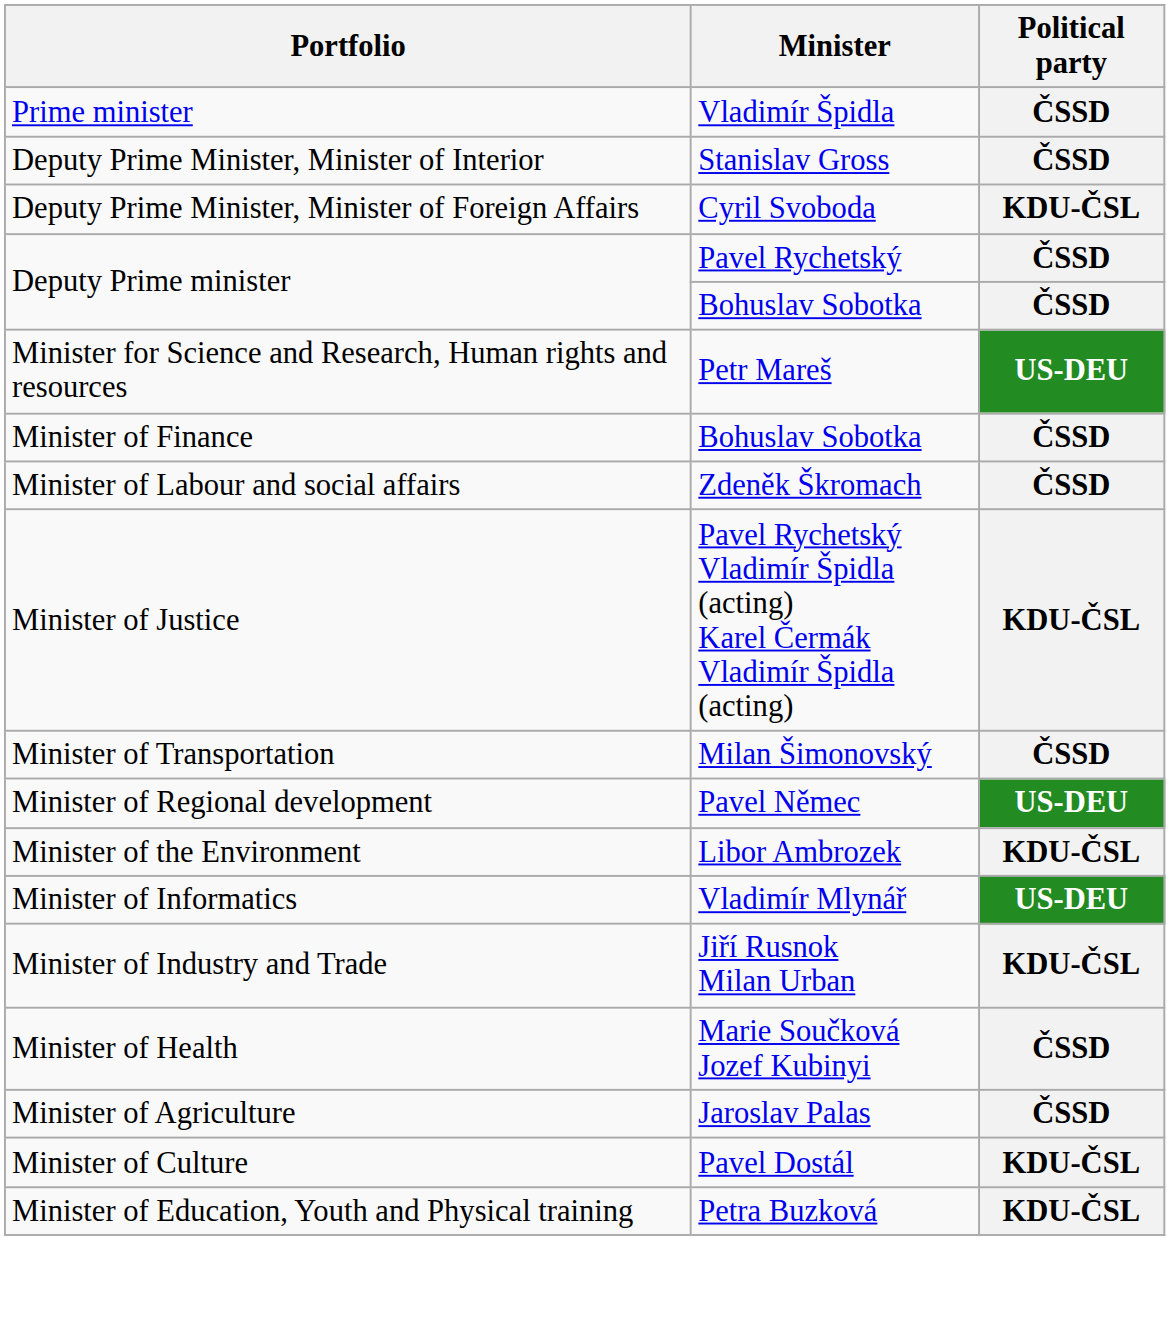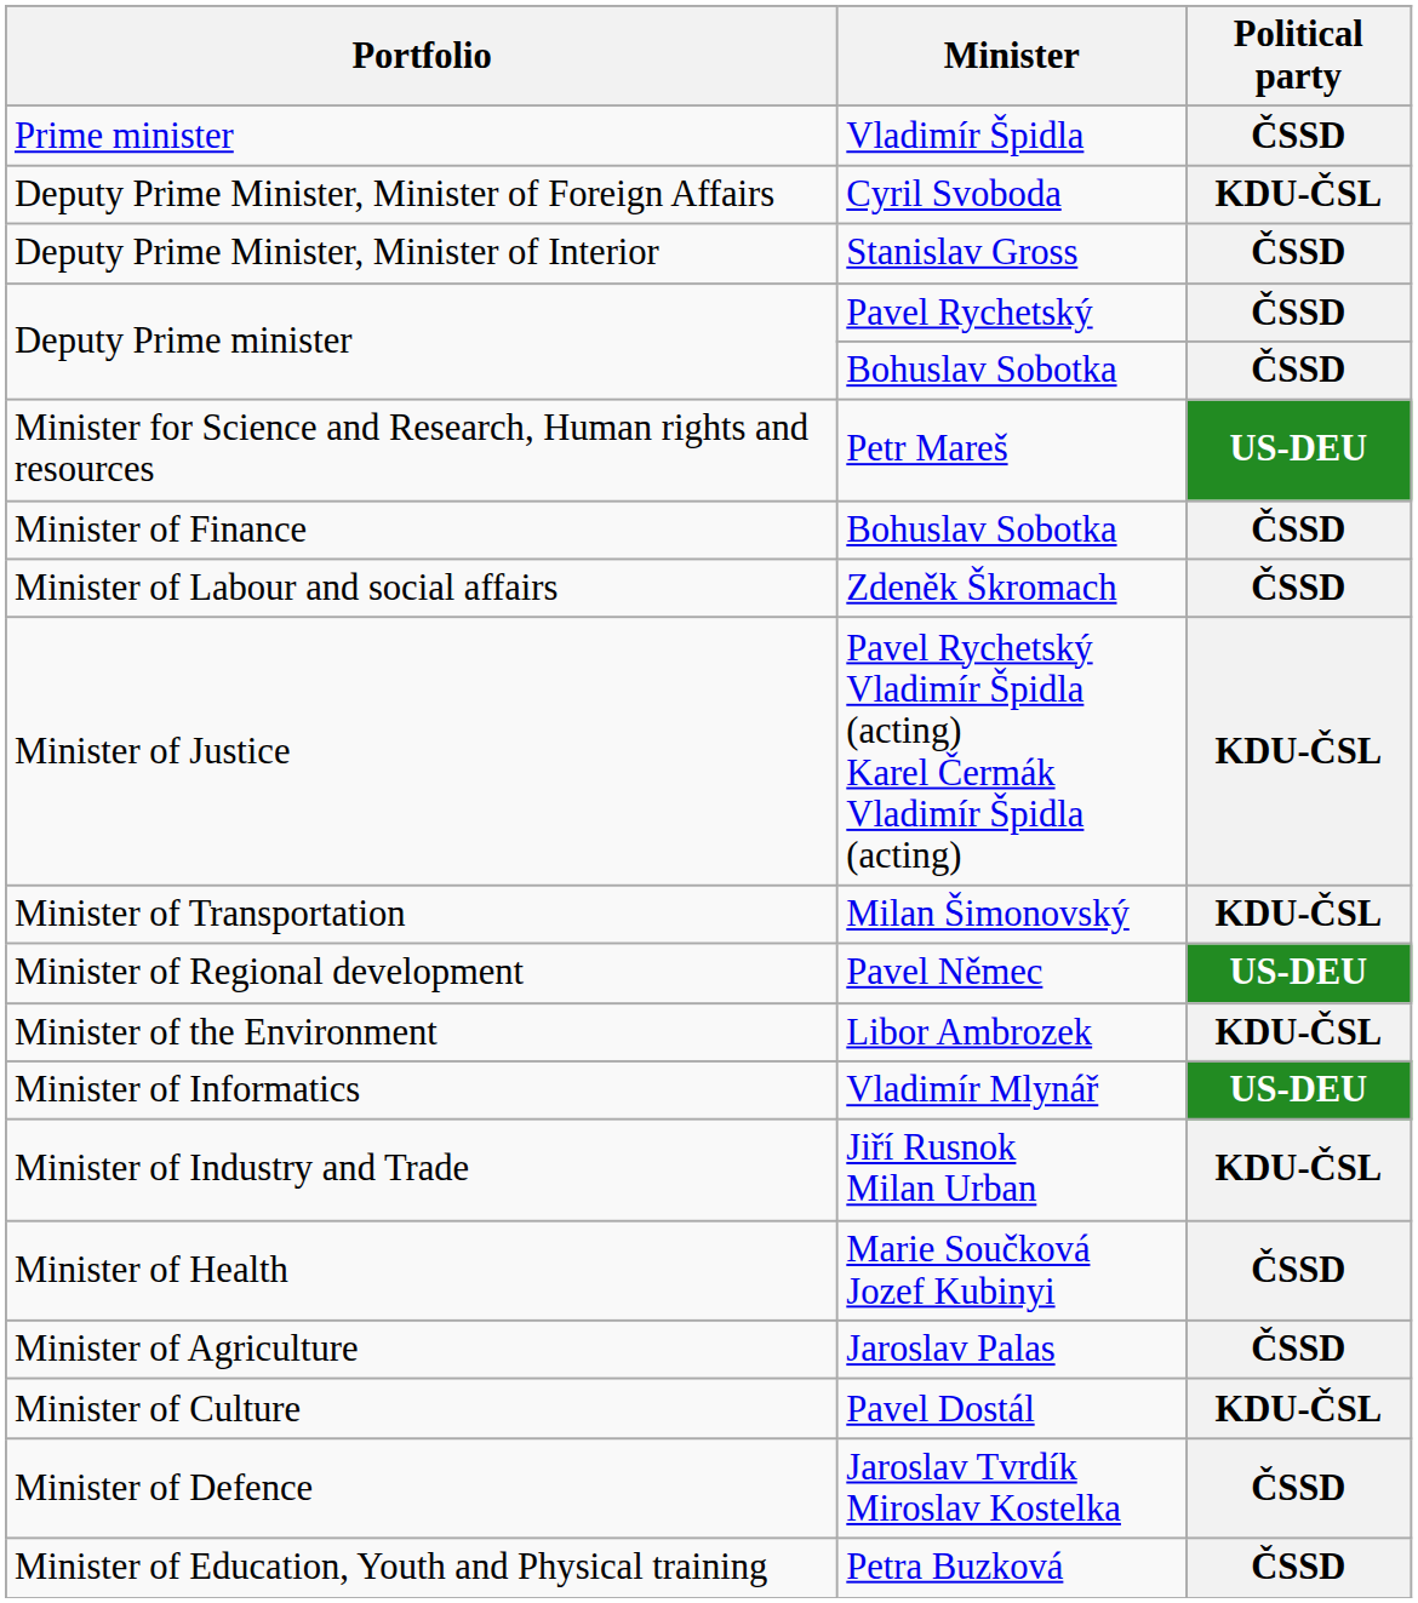 <table class="wikitable">
 <tr>
 <th>Portfolio</th>
 <th>Minister</th>
 <th>Political party</th>
 </tr>
 <tr>
 <td><a href='#'>Prime minister</a></td>
 <td><a href='#'>Vladimír Špidla</a></td>
 <th style="background-color:">ČSSD</th>
 </tr>
 <tr>
+<td>Deputy Prime Minister, Minister of Foreign Affairs</td>
+<td><a href='#'>Cyril Svoboda</a></td>
+<th style="background-color:">KDU-ČSL</th>
+</tr>
+<tr>
 <td>Deputy Prime Minister, Minister of Interior</td>
 <td><a href='#'>Stanislav Gross</a></td>
 <th style="background-color:">ČSSD</th>
-</tr>
-<tr>
-<td>Deputy Prime Minister, Minister of Foreign Affairs</td>
-<td><a href='#'>Cyril Svoboda</a></td>
-<th style="background-color:">KDU-ČSL</th>
 </tr>
 <tr>
 <td rowspan="2">Deputy Prime minister</td>
 <td><a href='#'>Pavel Rychetský</a></td>
 <th style="background-color:">ČSSD</th>
 </tr>
 <tr>
 <td><a href='#'>Bohuslav Sobotka</a></td>
 <th style="background-color:">ČSSD</th>
 </tr>
 <tr>
 <td>Minister for Science and Research, Human rights and resources</td>
 <td><a href='#'>Petr Mareš</a></td>
 <th style="background-color:#228b22; color:white">US-DEU</th>
 </tr>
 <tr>
 <td>Minister of Finance</td>
 <td><a href='#'>Bohuslav Sobotka</a></td>
 <th style="background-color:">ČSSD</th>
 </tr>
 <tr>
 <td>Minister of Labour and social affairs</td>
 <td><a href='#'>Zdeněk Škromach</a></td>
 <th style="background-color:">ČSSD</th>
 </tr>
 <tr>
 <td>Minister of Justice</td>
 <td><a href='#'>Pavel Rychetský</a><br><a href='#'>Vladimír Špidla</a> (acting)<br><a href='#'>Karel Čermák</a><br><a href='#'>Vladimír Špidla</a> (acting)</td>
 <th style="background-color:">KDU-ČSL</th>
 </tr>
 <tr>
 <td>Minister of Transportation</td>
 <td><a href='#'>Milan Šimonovský</a></td>
-<th style="background-color:">ČSSD</th>
+<th style="background-color:">KDU-ČSL</th>
 </tr>
 <tr>
 <td>Minister of Regional development</td>
 <td><a href='#'>Pavel Němec</a></td>
 <th style="background-color:#228b22; color:white">US-DEU</th>
 </tr>
 <tr>
 <td>Minister of the Environment</td>
 <td><a href='#'>Libor Ambrozek</a></td>
 <th style="background-color:">KDU-ČSL</th>
 </tr>
 <tr>
 <td>Minister of Informatics</td>
 <td><a href='#'>Vladimír Mlynář</a></td>
 <th style="background-color:#228b22; color:white">US-DEU</th>
 </tr>
 <tr>
 <td>Minister of Industry and Trade</td>
 <td><a href='#'>Jiří Rusnok</a><br><a href='#'>Milan Urban</a></td>
 <th style="background-color:">KDU-ČSL</th>
 </tr>
 <tr>
 <td>Minister of Health</td>
 <td><a href='#'>Marie Součková</a><br><a href='#'>Jozef Kubinyi</a></td>
 <th style="background-color:">ČSSD</th>
 </tr>
 <tr>
 <td>Minister of Agriculture</td>
 <td><a href='#'>Jaroslav Palas</a></td>
 <th style="background-color:">ČSSD</th>
 </tr>
 <tr>
 <td>Minister of Culture</td>
 <td><a href='#'>Pavel Dostál</a></td>
 <th style="background-color:">KDU-ČSL</th>
 </tr>
 <tr>
+<td>Minister of Defence</td>
+<td><a href='#'>Jaroslav Tvrdík</a><br><a href='#'>Miroslav Kostelka</a></td>
+<th style="background-color:">ČSSD</th>
+</tr>
+<tr>
 <td>Minister of Education, Youth and Physical training</td>
 <td><a href='#'>Petra Buzková</a></td>
-<th style="background-color:">KDU-ČSL</th>
+<th style="background-color:">ČSSD</th>
 </tr>
 </table>
